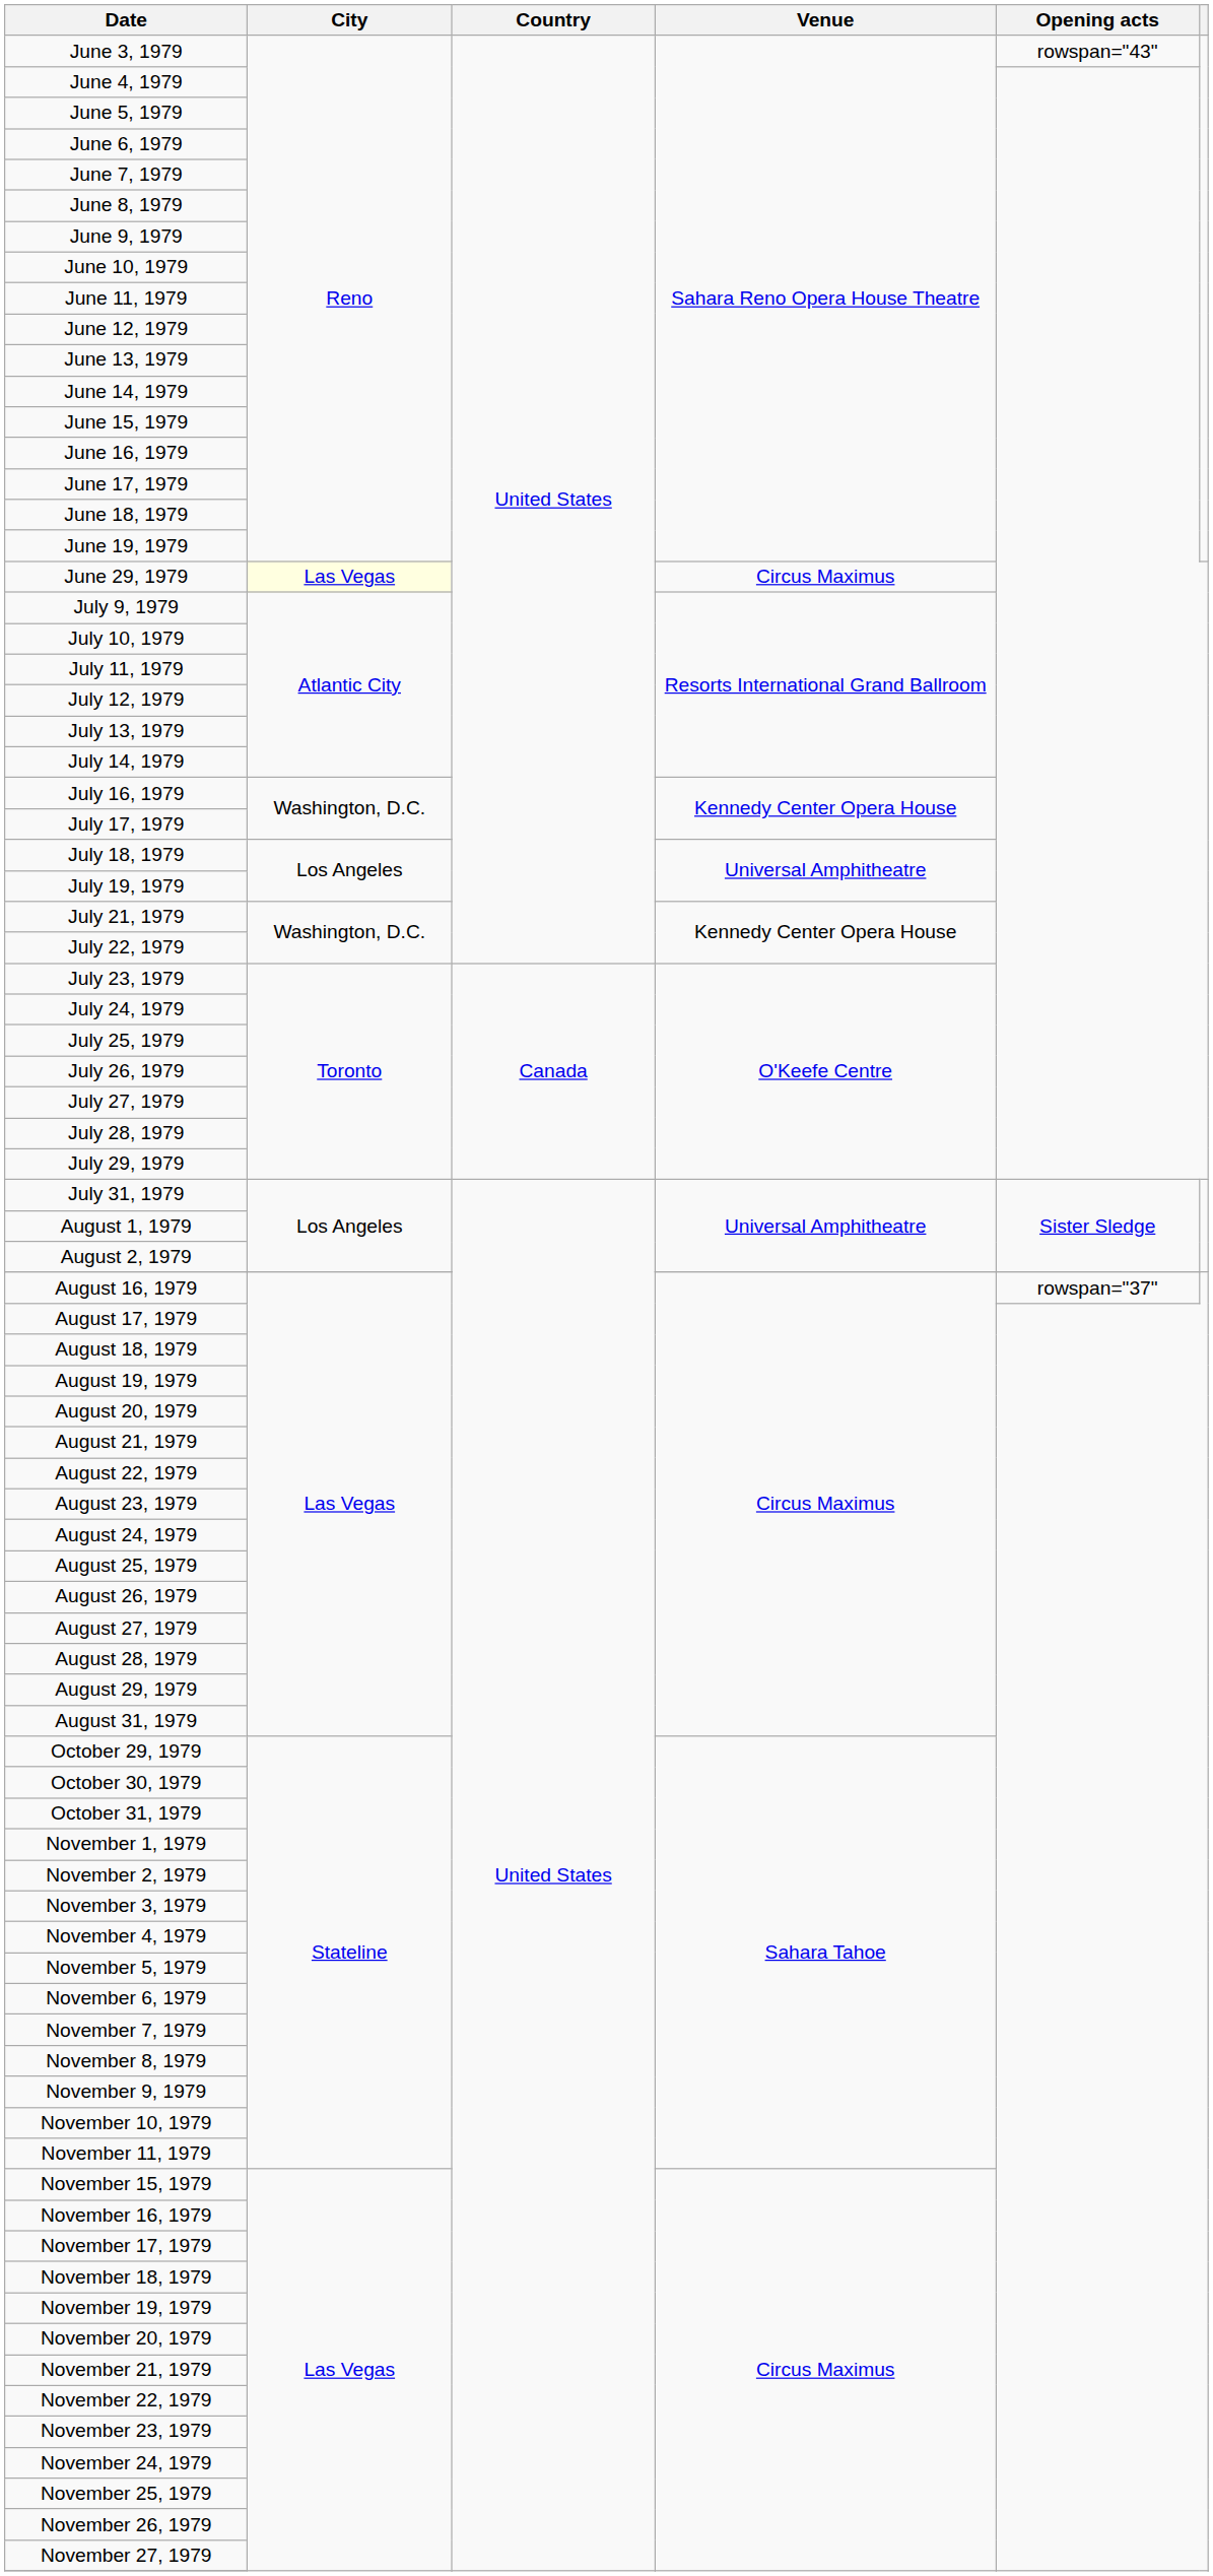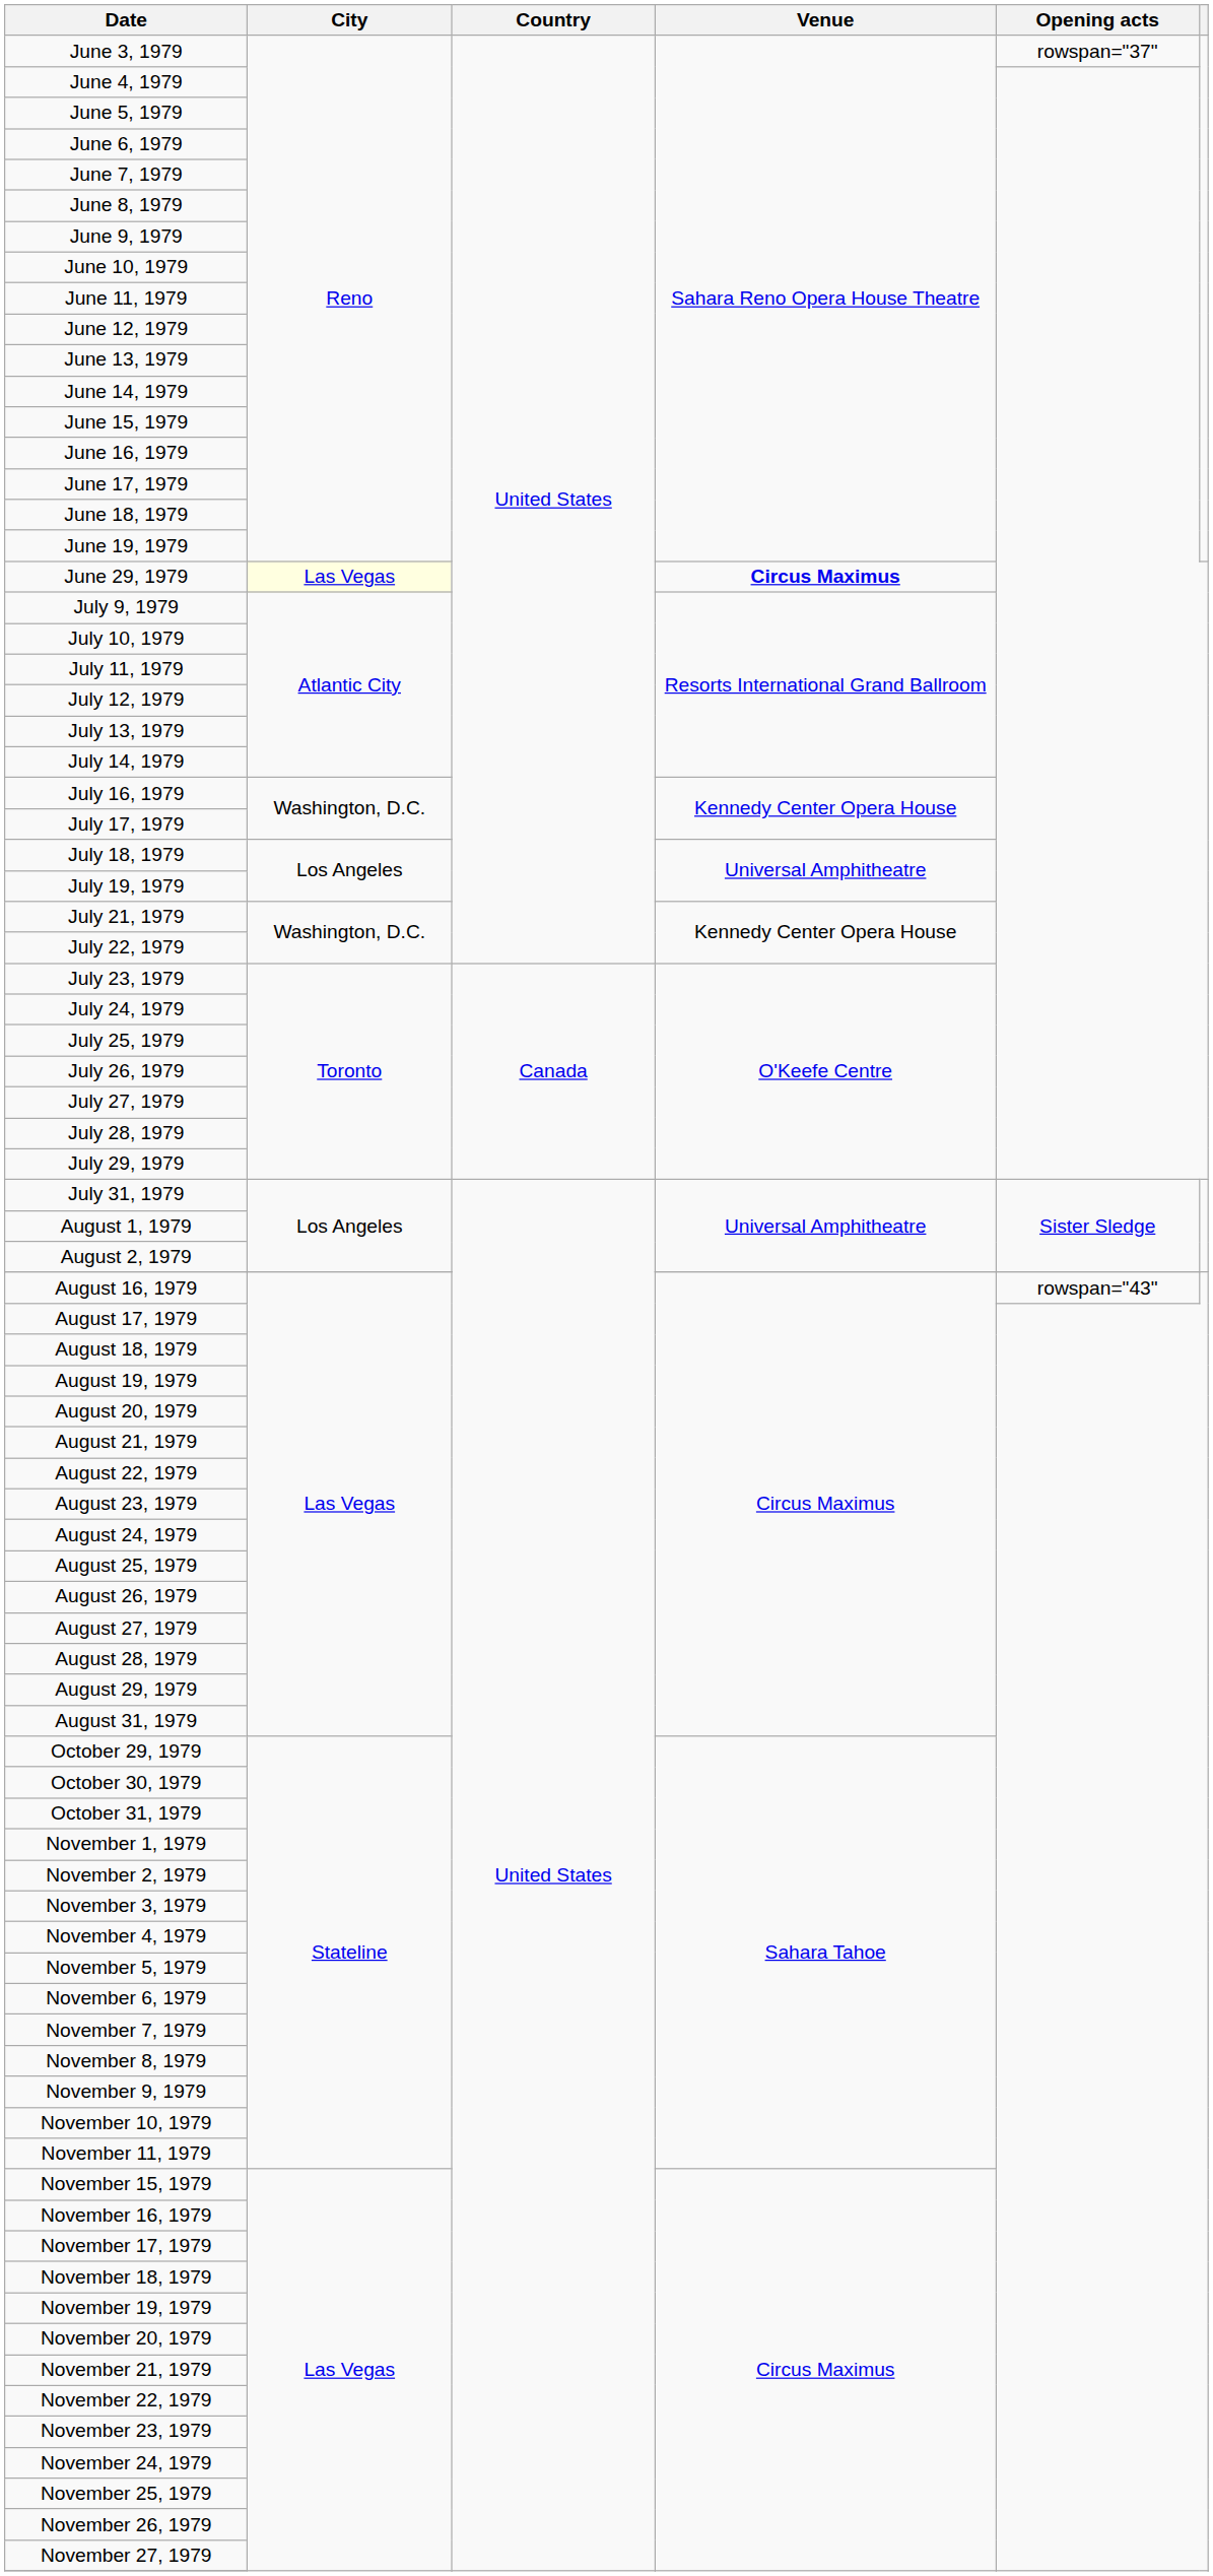 <table class="wikitable" id="1979" style="text-align:center;">
 <tr>
 <th scope="col" style="width:12em;">Date</th>
 <th scope="col" style="width:10em;">City</th>
 <th scope="col" style="width:10em;">Country</th>
 <th scope="col" style="width:17em;">Venue</th>
 <th scope="col" style="width:10em;">Opening acts</th>
 <th scope="col" class="unsortable"></th>
 </tr>
 <tr>
 <td>June 3, 1979</td>
 <td rowspan="17"><a href='#'>Reno</a></td>
 <td rowspan="30"><a href='#'>United States</a></td>
 <td rowspan="17"><a href='#'>Sahara Reno Opera House Theatre</a></td>
-<td>rowspan="43" </td>
+<td>rowspan="37" </td>
 <td rowspan="17"></td>
 </tr>
 <tr>
 <td>June 4, 1979</td>
 </tr>
 <tr>
 <td>June 5, 1979</td>
 </tr>
 <tr>
 <td>June 6, 1979</td>
 </tr>
 <tr>
 <td>June 7, 1979</td>
 </tr>
 <tr>
 <td>June 8, 1979</td>
 </tr>
 <tr>
 <td>June 9, 1979</td>
 </tr>
 <tr>
 <td>June 10, 1979</td>
 </tr>
 <tr>
 <td>June 11, 1979</td>
 </tr>
 <tr>
 <td>June 12, 1979</td>
 </tr>
 <tr>
 <td>June 13, 1979</td>
 </tr>
 <tr>
 <td>June 14, 1979</td>
 </tr>
 <tr>
 <td>June 15, 1979</td>
 </tr>
 <tr>
 <td>June 16, 1979</td>
 </tr>
 <tr>
 <td>June 17, 1979</td>
 </tr>
 <tr>
 <td>June 18, 1979</td>
 </tr>
 <tr>
 <td>June 19, 1979</td>
 </tr>
 <tr>
 <td>June 29, 1979</td>
 <td style="background: lightyellow;"><a href='#'>Las Vegas</a></td>
-<td><a href='#'>Circus Maximus</a></td>
+<td><strong><a href='#'>Circus Maximus</a></strong></td>
 </tr>
 <tr>
 <td>July 9, 1979</td>
 <td rowspan="6"><a href='#'>Atlantic City</a></td>
 <td rowspan="6"><a href='#'>Resorts International Grand Ballroom</a></td>
 </tr>
 <tr>
 <td>July 10, 1979</td>
 </tr>
 <tr>
 <td>July 11, 1979</td>
 </tr>
 <tr>
 <td>July 12, 1979</td>
 </tr>
 <tr>
 <td>July 13, 1979</td>
 </tr>
 <tr>
 <td>July 14, 1979</td>
 </tr>
 <tr>
 <td>July 16, 1979</td>
 <td rowspan="2">Washington, D.C.</td>
 <td rowspan="2"><a href='#'>Kennedy Center Opera House</a></td>
 </tr>
 <tr>
 <td>July 17, 1979</td>
 </tr>
 <tr>
 <td>July 18, 1979</td>
 <td rowspan="2">Los Angeles</td>
 <td rowspan="2"><a href='#'>Universal Amphitheatre</a></td>
 </tr>
 <tr>
 <td>July 19, 1979</td>
 </tr>
 <tr>
 <td>July 21, 1979</td>
 <td rowspan="2">Washington, D.C.</td>
 <td rowspan="2">Kennedy Center Opera House</td>
 </tr>
 <tr>
 <td>July 22, 1979</td>
 </tr>
 <tr>
 <td>July 23, 1979</td>
 <td rowspan="7"><a href='#'>Toronto</a></td>
 <td rowspan="7"><a href='#'>Canada</a></td>
 <td rowspan="7"><a href='#'>O'Keefe Centre</a></td>
 </tr>
 <tr>
 <td>July 24, 1979</td>
 </tr>
 <tr>
 <td>July 25, 1979</td>
 </tr>
 <tr>
 <td>July 26, 1979</td>
 </tr>
 <tr>
 <td>July 27, 1979</td>
 </tr>
 <tr>
 <td>July 28, 1979</td>
 </tr>
 <tr>
 <td>July 29, 1979</td>
 </tr>
 <tr>
 <td>July 31, 1979</td>
 <td rowspan="3">Los Angeles</td>
 <td rowspan="62"><a href='#'>United States</a></td>
 <td rowspan="3"><a href='#'>Universal Amphitheatre</a></td>
 <td rowspan="3"><a href='#'>Sister Sledge</a></td>
 <td rowspan="3"></td>
 </tr>
 <tr>
 <td>August 1, 1979</td>
 </tr>
 <tr>
 <td>August 2, 1979</td>
 </tr>
 <tr>
 </tr>
 <tr>
 <td>August 16, 1979</td>
 <td rowspan="15"><a href='#'>Las Vegas</a></td>
 <td rowspan="15"><a href='#'>Circus Maximus</a></td>
-<td>rowspan="37" </td>
+<td>rowspan="43" </td>
 </tr>
 <tr>
 <td>August 17, 1979</td>
 </tr>
 <tr>
 <td>August 18, 1979</td>
 </tr>
 <tr>
 <td>August 19, 1979</td>
 </tr>
 <tr>
 <td>August 20, 1979</td>
 </tr>
 <tr>
 <td>August 21, 1979</td>
 </tr>
 <tr>
 <td>August 22, 1979</td>
 </tr>
 <tr>
 <td>August 23, 1979</td>
 </tr>
 <tr>
 <td>August 24, 1979</td>
 </tr>
 <tr>
 <td>August 25, 1979</td>
 </tr>
 <tr>
 <td>August 26, 1979</td>
 </tr>
 <tr>
 <td>August 27, 1979</td>
 </tr>
 <tr>
 <td>August 28, 1979</td>
 </tr>
 <tr>
 <td>August 29, 1979</td>
 </tr>
 <tr>
 <td>August 31, 1979</td>
 </tr>
 <tr>
 <td>October 29, 1979</td>
 <td rowspan="14"><a href='#'>Stateline</a></td>
 <td rowspan="14"><a href='#'>Sahara Tahoe</a></td>
 </tr>
 <tr>
 <td>October 30, 1979</td>
 </tr>
 <tr>
 <td>October 31, 1979</td>
 </tr>
 <tr>
 <td>November 1, 1979</td>
 </tr>
 <tr>
 <td>November 2, 1979</td>
 </tr>
 <tr>
 <td>November 3, 1979</td>
 </tr>
 <tr>
 <td>November 4, 1979</td>
 </tr>
 <tr>
 <td>November 5, 1979</td>
 </tr>
 <tr>
 <td>November 6, 1979</td>
 </tr>
 <tr>
 <td>November 7, 1979</td>
 </tr>
 <tr>
 <td>November 8, 1979</td>
 </tr>
 <tr>
 <td>November 9, 1979</td>
 </tr>
 <tr>
 <td>November 10, 1979</td>
 </tr>
 <tr>
 <td>November 11, 1979</td>
 </tr>
 <tr>
 <td>November 15, 1979</td>
 <td rowspan="14"><a href='#'>Las Vegas</a></td>
 <td rowspan="14"><a href='#'>Circus Maximus</a></td>
 </tr>
 <tr>
 <td>November 16, 1979</td>
 </tr>
 <tr>
 <td>November 17, 1979</td>
 </tr>
 <tr>
 <td>November 18, 1979</td>
 </tr>
 <tr>
 <td>November 19, 1979</td>
 </tr>
 <tr>
 <td>November 20, 1979</td>
 </tr>
 <tr>
 <td>November 21, 1979</td>
 </tr>
 <tr>
 <td>November 22, 1979</td>
 </tr>
 <tr>
 <td>November 23, 1979</td>
 </tr>
 <tr>
 <td>November 24, 1979</td>
 </tr>
 <tr>
 <td>November 25, 1979</td>
 </tr>
 <tr>
 <td>November 26, 1979</td>
 </tr>
 <tr>
 <td>November 27, 1979</td>
 </tr>
 <tr>
 </tr>
 </table>
